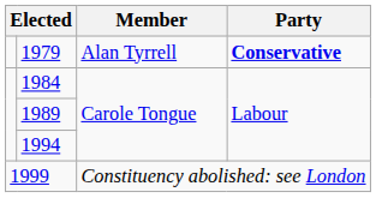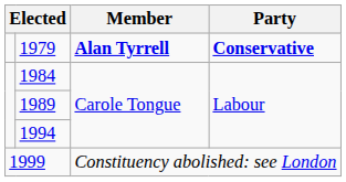 <table class="wikitable">
 <tr>
 <th colspan = "2">Elected</th>
 <th>Member</th>
 <th>Party</th>
 </tr>
 <tr>
 <td style="background-color: "></td>
 <td><a href='#'>1979</a></td>
-<td><a href='#'>Alan Tyrrell</a></td>
+<td><strong><a href='#'>Alan Tyrrell</a></strong></td>
 <td><strong><a href='#'>Conservative</a></strong></td>
 </tr>
 <tr>
 <td rowspan="3" style="background-color: "></td>
 <td><a href='#'>1984</a></td>
 <td rowspan = "3"><a href='#'>Carole Tongue</a></td>
 <td rowspan = "3"><a href='#'>Labour</a></td>
 </tr>
 <tr>
 <td><a href='#'>1989</a></td>
 </tr>
 <tr>
 <td><a href='#'>1994</a></td>
 </tr>
 <tr>
 <td colspan="2"><a href='#'>1999</a></td>
 <td colspan="2"><em>Constituency abolished: see <a href='#'>London</a></em></td>
 </tr>
 </table>
